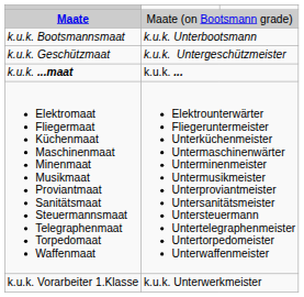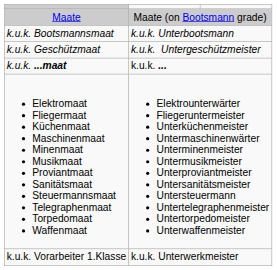 <table class=wikitable>
 <tr align="center">
 <td bgcolor="#CCCCCC"></td>
 <td align="center"></td>
 <td></td>
 </tr>
 <tr bgcolor="#CCCCCC" align="center">
-<td><strong><a href='#'>Maate</a></strong></td>
+<td><a href='#'>Maate</a></td>
 <td colspan="2">Maate (on <a href='#'>Bootsmann</a> grade)</td>
 </tr>
 <tr 0>
 <td><em>k.u.k. Bootsmannsmaat</em></td>
 <td colspan="2"><em>k.u.k. Unterbootsmann</em></td>
 </tr>
 <tr 1>
 <td><em>k.u.k. Geschützmaat</em></td>
 <td colspan="2"><em>k.u.k.  Untergeschützmeister</em></td>
 </tr>
 <tr 2>
 <td><em>k.u.k. <strong><em>...maat <strong></td>
 <td colspan="2"></em></strong>k.u.k. <strong><em>...</td>
 </tr>
 <tr 3>
 <td><br><ul><li></em>Elektromaat<em></li><li></em>Fliegermaat<em></li><li></em>Küchenmaat<em></li><li></em>Maschinenmaat<em></li><li></em>Minenmaat<em></li><li></em>Musikmaat<em></li><li></em>Proviantmaat<em></li><li></em>Sanitätsmaat<em></li><li></em>Steuermannsmaat<em></li><li></em>Telegraphenmaat<em></li><li></em>Torpedomaat<em></li><li></em>Waffenmaat<em></li></ul></td>
 <td colspan="2"><br><ul><li></em>Elektrounterwärter<em></li><li></em>Fliegeruntermeister<em></li><li></em>Unterküchenmeister<em></li><li></em>Untermaschinenwärter<em></li><li></em>Unterminenmeister<em></li><li></em>Untermusikmeister<em></li><li></em>Unterproviantmeister<em></li><li></em>Untersanitätsmeister<em></li><li></em>Untersteuermann<em></li><li></em>Untertelegraphenmeister<em></li><li></em>Untertorpedomeister<em></li><li></em>Unterwaffenmeister<em></li></ul></td>
 </tr>
 <tr>
 <td></em>k.u.k. Vorarbeiter 1.Klasse<em></td>
 <td colspan="2"></em>k.u.k. Unterwerkmeister<em></td>
 </tr>
 </table>
